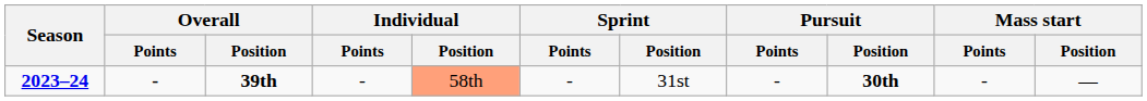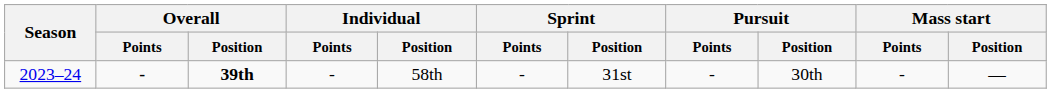 <table class="wikitable" style="text-align:center;" width="75%">
 <tr class="hintergrundfarbe5">
 <th rowspan="2" style="width:4%;">Season</th>
 <th colspan="2">Overall</th>
 <th colspan="2">Individual</th>
 <th colspan="2">Sprint</th>
 <th colspan="2">Pursuit</th>
 <th colspan="2">Mass start</th>
 </tr>
 <tr class="hintergrundfarbe5">
 <th style="width:5%;"><small>Points</small></th>
 <th style="width:5%;"><small>Position</small></th>
 <th style="width:5%;"><small>Points</small></th>
 <th style="width:5%;"><small>Position</small></th>
 <th style="width:5%;"><small>Points</small></th>
 <th style="width:5%;"><small>Position</small></th>
 <th style="width:5%;"><small>Points</small></th>
 <th style="width:5%;"><small>Position</small></th>
 <th style="width:5%;"><small>Points</small></th>
 <th style="width:5%;"><small>Position</small></th>
 </tr>
 <tr>
-<td><strong><a href='#'>2023–24</a></strong></td>
+<td><a href='#'>2023–24</a></td>
 <td><strong>-</strong></td>
 <td><strong>39th</strong></td>
 <td>-</td>
-<td style="background: lightsalmon;">58th</td>
+<td>58th</td>
 <td>-</td>
 <td>31st</td>
 <td>-</td>
-<td><strong>30th</strong></td>
+<td>30th</td>
 <td>-</td>
 <td>—</td>
 </tr>
 </table>
